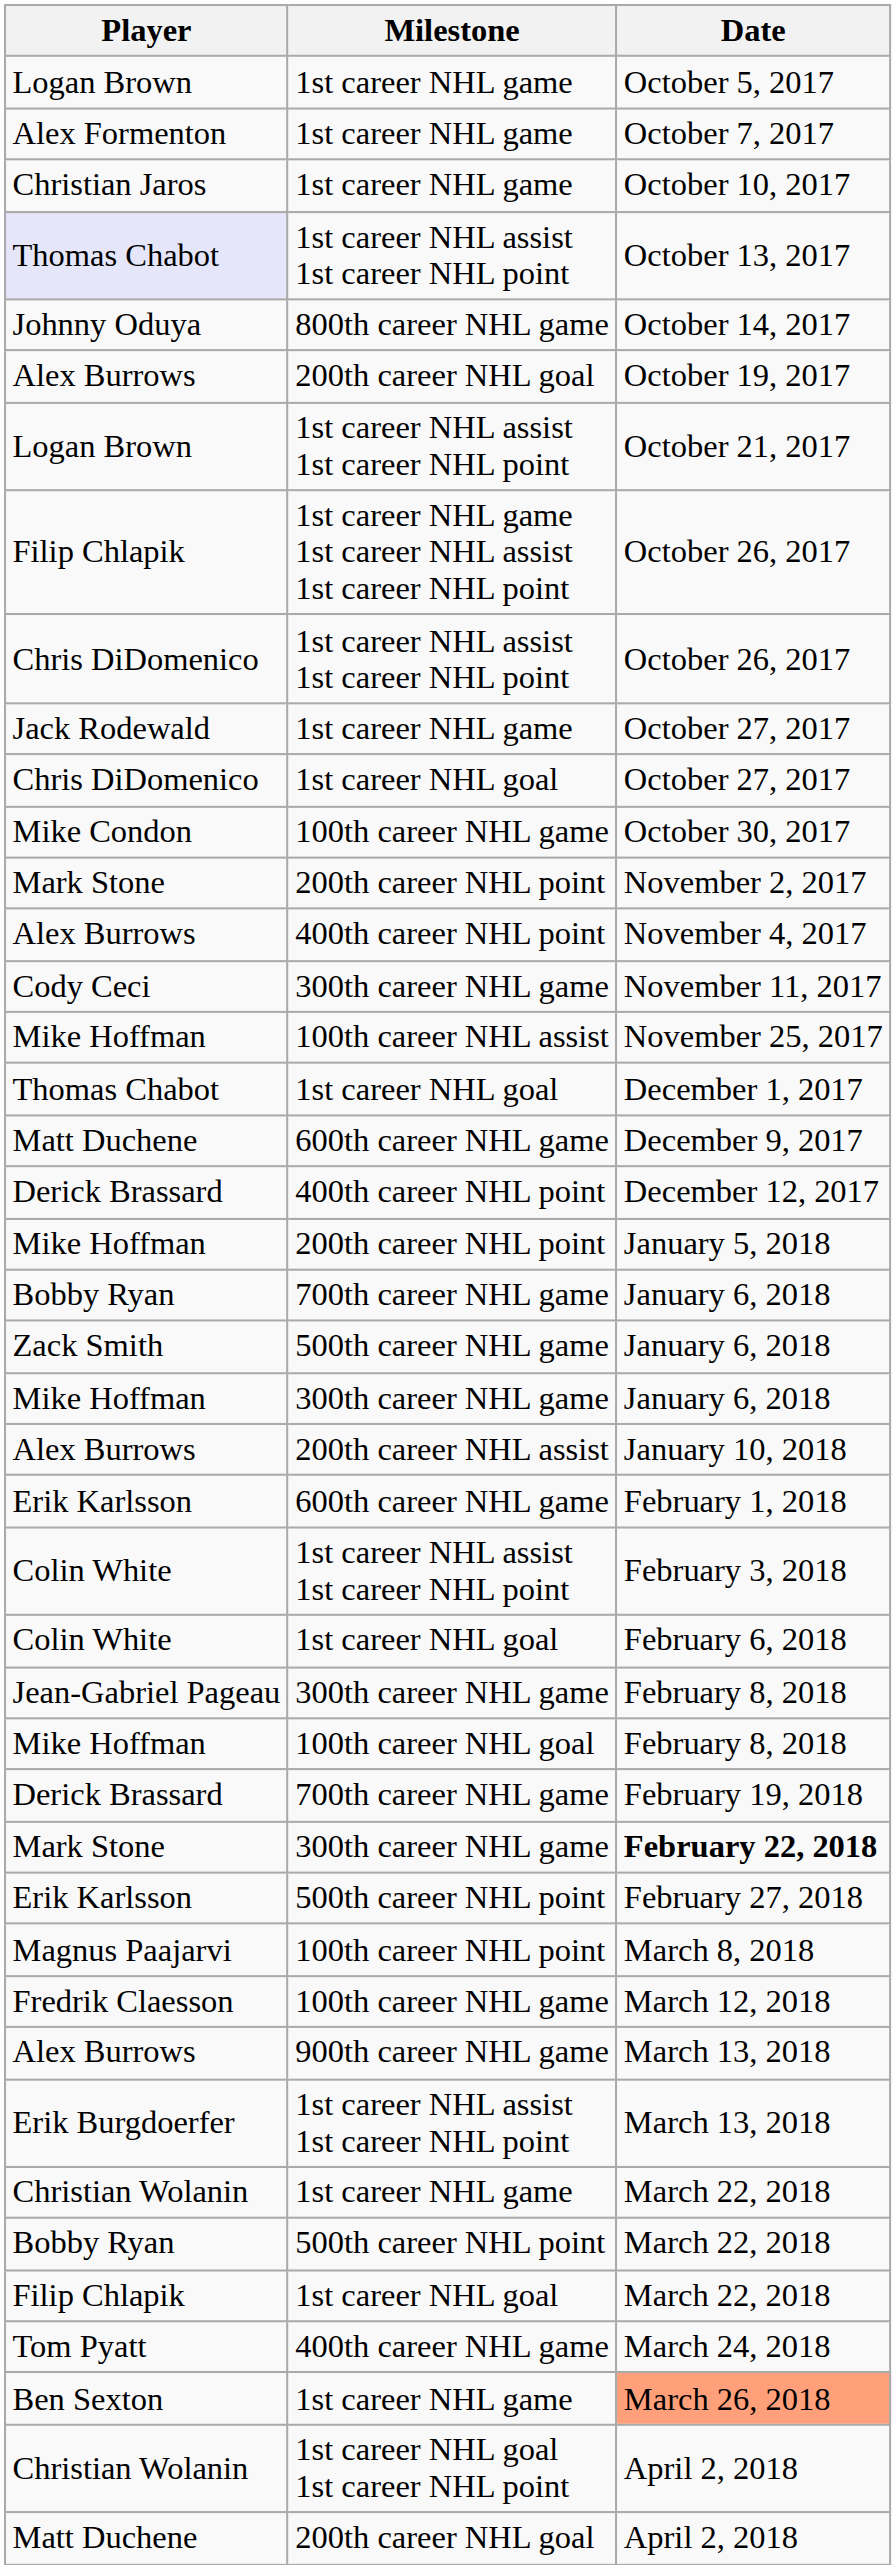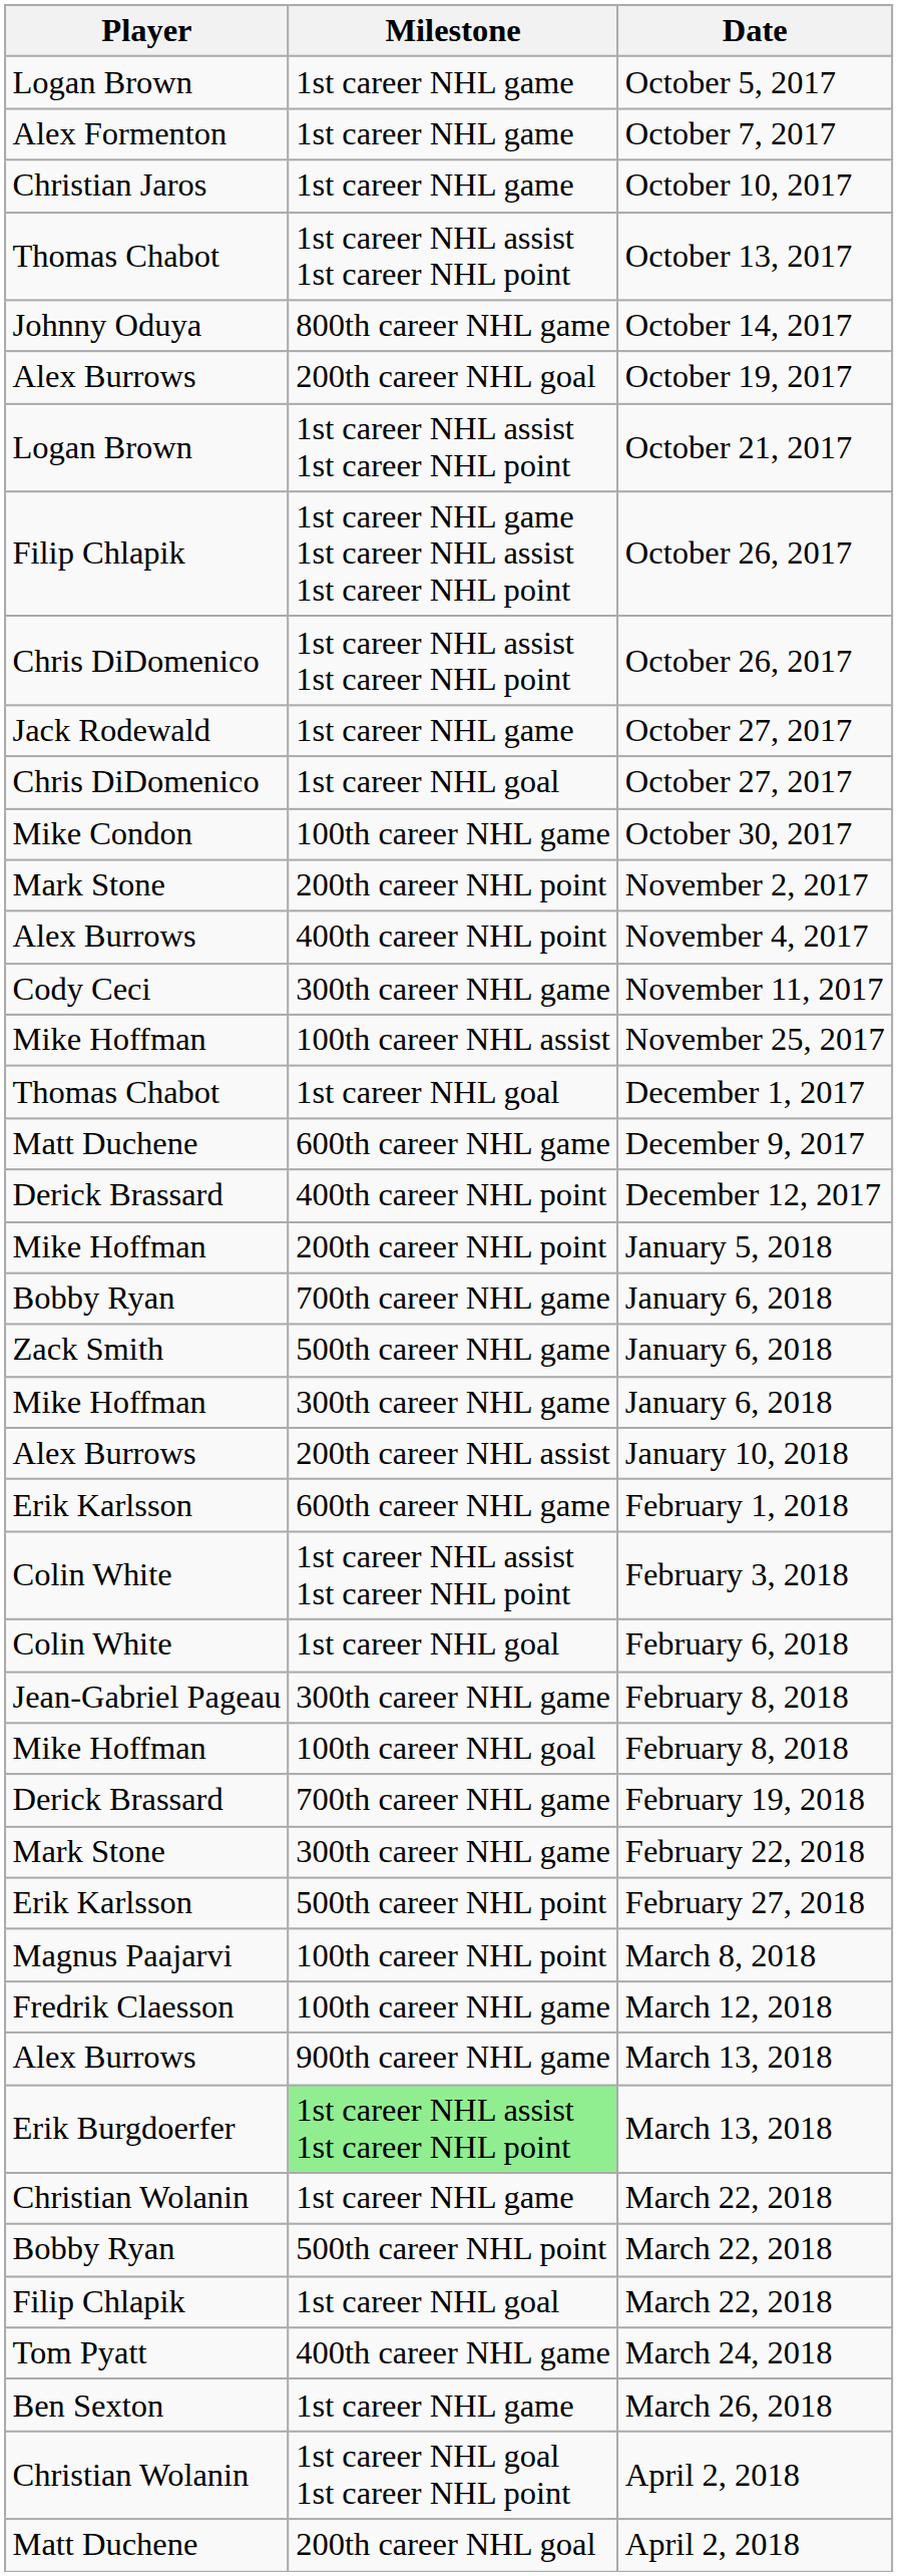 <table class="wikitable">
 <tr>
 <th>Player</th>
 <th>Milestone</th>
 <th>Date</th>
 </tr>
 <tr>
 <td>Logan Brown</td>
 <td>1st career NHL game</td>
 <td>October 5, 2017</td>
 </tr>
 <tr>
 <td>Alex Formenton</td>
 <td>1st career NHL game</td>
 <td>October 7, 2017</td>
 </tr>
 <tr>
 <td>Christian Jaros</td>
 <td>1st career NHL game</td>
 <td>October 10, 2017</td>
 </tr>
 <tr>
-<td style="background: lavender;">Thomas Chabot</td>
+<td>Thomas Chabot</td>
 <td>1st career NHL assist<br>1st career NHL point</td>
 <td>October 13, 2017</td>
 </tr>
 <tr>
 <td>Johnny Oduya</td>
 <td>800th career NHL game</td>
 <td>October 14, 2017</td>
 </tr>
 <tr>
 <td>Alex Burrows</td>
 <td>200th career NHL goal</td>
 <td>October 19, 2017</td>
 </tr>
 <tr>
 <td>Logan Brown</td>
 <td>1st career NHL assist<br>1st career NHL point</td>
 <td>October 21, 2017</td>
 </tr>
 <tr>
 <td>Filip Chlapik</td>
 <td>1st career NHL game<br>1st career NHL assist<br>1st career NHL point</td>
 <td>October 26, 2017</td>
 </tr>
 <tr>
 <td>Chris DiDomenico</td>
 <td>1st career NHL assist<br>1st career NHL point</td>
 <td>October 26, 2017</td>
 </tr>
 <tr>
 <td>Jack Rodewald</td>
 <td>1st career NHL game</td>
 <td>October 27, 2017</td>
 </tr>
 <tr>
 <td>Chris DiDomenico</td>
 <td>1st career NHL goal</td>
 <td>October 27, 2017</td>
 </tr>
 <tr>
 <td>Mike Condon</td>
 <td>100th career NHL game</td>
 <td>October 30, 2017</td>
 </tr>
 <tr>
 <td>Mark Stone</td>
 <td>200th career NHL point</td>
 <td>November 2, 2017</td>
 </tr>
 <tr>
 <td>Alex Burrows</td>
 <td>400th career NHL point</td>
 <td>November 4, 2017</td>
 </tr>
 <tr>
 <td>Cody Ceci</td>
 <td>300th career NHL game</td>
 <td>November 11, 2017</td>
 </tr>
 <tr>
 <td>Mike Hoffman</td>
 <td>100th career NHL assist</td>
 <td>November 25, 2017</td>
 </tr>
 <tr>
 <td>Thomas Chabot</td>
 <td>1st career NHL goal</td>
 <td>December 1, 2017</td>
 </tr>
 <tr>
 <td>Matt Duchene</td>
 <td>600th career NHL game</td>
 <td>December 9, 2017</td>
 </tr>
 <tr>
 <td>Derick Brassard</td>
 <td>400th career NHL point</td>
 <td>December 12, 2017</td>
 </tr>
 <tr>
 <td>Mike Hoffman</td>
 <td>200th career NHL point</td>
 <td>January 5, 2018</td>
 </tr>
 <tr>
 <td>Bobby Ryan</td>
 <td>700th career NHL game</td>
 <td>January 6, 2018</td>
 </tr>
 <tr>
 <td>Zack Smith</td>
 <td>500th career NHL game</td>
 <td>January 6, 2018</td>
 </tr>
 <tr>
 <td>Mike Hoffman</td>
 <td>300th career NHL game</td>
 <td>January 6, 2018</td>
 </tr>
 <tr>
 <td>Alex Burrows</td>
 <td>200th career NHL assist</td>
 <td>January 10, 2018</td>
 </tr>
 <tr>
 <td>Erik Karlsson</td>
 <td>600th career NHL game</td>
 <td>February 1, 2018</td>
 </tr>
 <tr>
 <td>Colin White</td>
 <td>1st career NHL assist<br>1st career NHL point</td>
 <td>February 3, 2018</td>
 </tr>
 <tr>
 <td>Colin White</td>
 <td>1st career NHL goal</td>
 <td>February 6, 2018</td>
 </tr>
 <tr>
 <td>Jean-Gabriel Pageau</td>
 <td>300th career NHL game</td>
 <td>February 8, 2018</td>
 </tr>
 <tr>
 <td>Mike Hoffman</td>
 <td>100th career NHL goal</td>
 <td>February 8, 2018</td>
 </tr>
 <tr>
 <td>Derick Brassard</td>
 <td>700th career NHL game</td>
 <td>February 19, 2018</td>
 </tr>
 <tr>
 <td>Mark Stone</td>
 <td>300th career NHL game</td>
-<td><strong>February 22, 2018</strong></td>
+<td>February 22, 2018</td>
 </tr>
 <tr>
 <td>Erik Karlsson</td>
 <td>500th career NHL point</td>
 <td>February 27, 2018</td>
 </tr>
 <tr>
 <td>Magnus Paajarvi</td>
 <td>100th career NHL point</td>
 <td>March 8, 2018</td>
 </tr>
 <tr>
 <td>Fredrik Claesson</td>
 <td>100th career NHL game</td>
 <td>March 12, 2018</td>
 </tr>
 <tr>
 <td>Alex Burrows</td>
 <td>900th career NHL game</td>
 <td>March 13, 2018</td>
 </tr>
 <tr>
 <td>Erik Burgdoerfer</td>
-<td>1st career NHL assist<br>1st career NHL point</td>
+<td style="background: lightgreen;">1st career NHL assist<br>1st career NHL point</td>
 <td>March 13, 2018</td>
 </tr>
 <tr>
 <td>Christian Wolanin</td>
 <td>1st career NHL game</td>
 <td>March 22, 2018</td>
 </tr>
 <tr>
 <td>Bobby Ryan</td>
 <td>500th career NHL point</td>
 <td>March 22, 2018</td>
 </tr>
 <tr>
 <td>Filip Chlapik</td>
 <td>1st career NHL goal</td>
 <td>March 22, 2018</td>
 </tr>
 <tr>
 <td>Tom Pyatt</td>
 <td>400th career NHL game</td>
 <td>March 24, 2018</td>
 </tr>
 <tr>
 <td>Ben Sexton</td>
 <td>1st career NHL game</td>
-<td style="background: lightsalmon;">March 26, 2018</td>
+<td>March 26, 2018</td>
 </tr>
 <tr>
 <td>Christian Wolanin</td>
 <td>1st career NHL goal<br>1st career NHL point</td>
 <td>April 2, 2018</td>
 </tr>
 <tr>
 <td>Matt Duchene</td>
 <td>200th career NHL goal</td>
 <td>April 2, 2018</td>
 </tr>
 </table>
